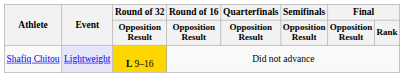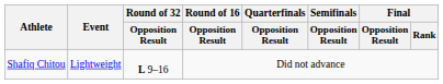 <table class="wikitable" style="font-size:90%">
 <tr>
 <th rowspan=2>Athlete</th>
 <th rowspan=2>Event</th>
 <th>Round of 32</th>
 <th>Round of 16</th>
 <th>Quarterfinals</th>
 <th>Semifinals</th>
 <th colspan=2>Final</th>
 </tr>
 <tr style="font-size:95%">
 <th>Opposition<br>Result</th>
 <th>Opposition<br>Result</th>
 <th>Opposition<br>Result</th>
 <th>Opposition<br>Result</th>
 <th>Opposition<br>Result</th>
 <th>Rank</th>
 </tr>
 <tr align=center>
 <td align=left><a href='#'>Shafiq Chitou</a></td>
-<td align=left style="background: lavender;"><a href='#'>Lightweight</a></td>
-<td style="background: gold;"><br><strong>L</strong> 9–16</td>
+<td align=left><a href='#'>Lightweight</a></td>
+<td><br><strong>L</strong> 9–16</td>
 <td colspan=5>Did not advance</td>
 </tr>
 </table>
